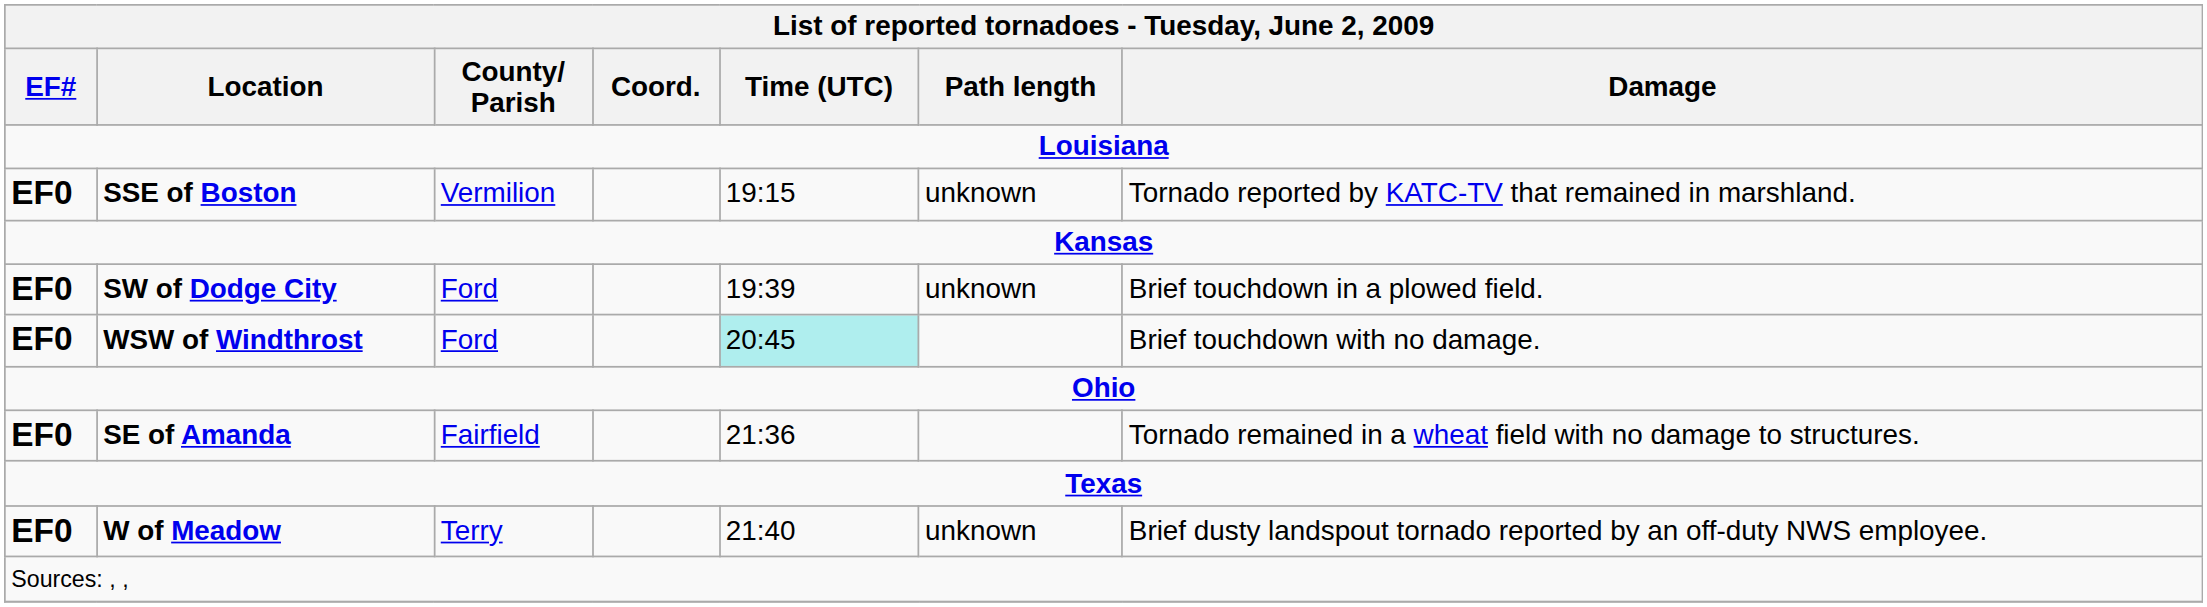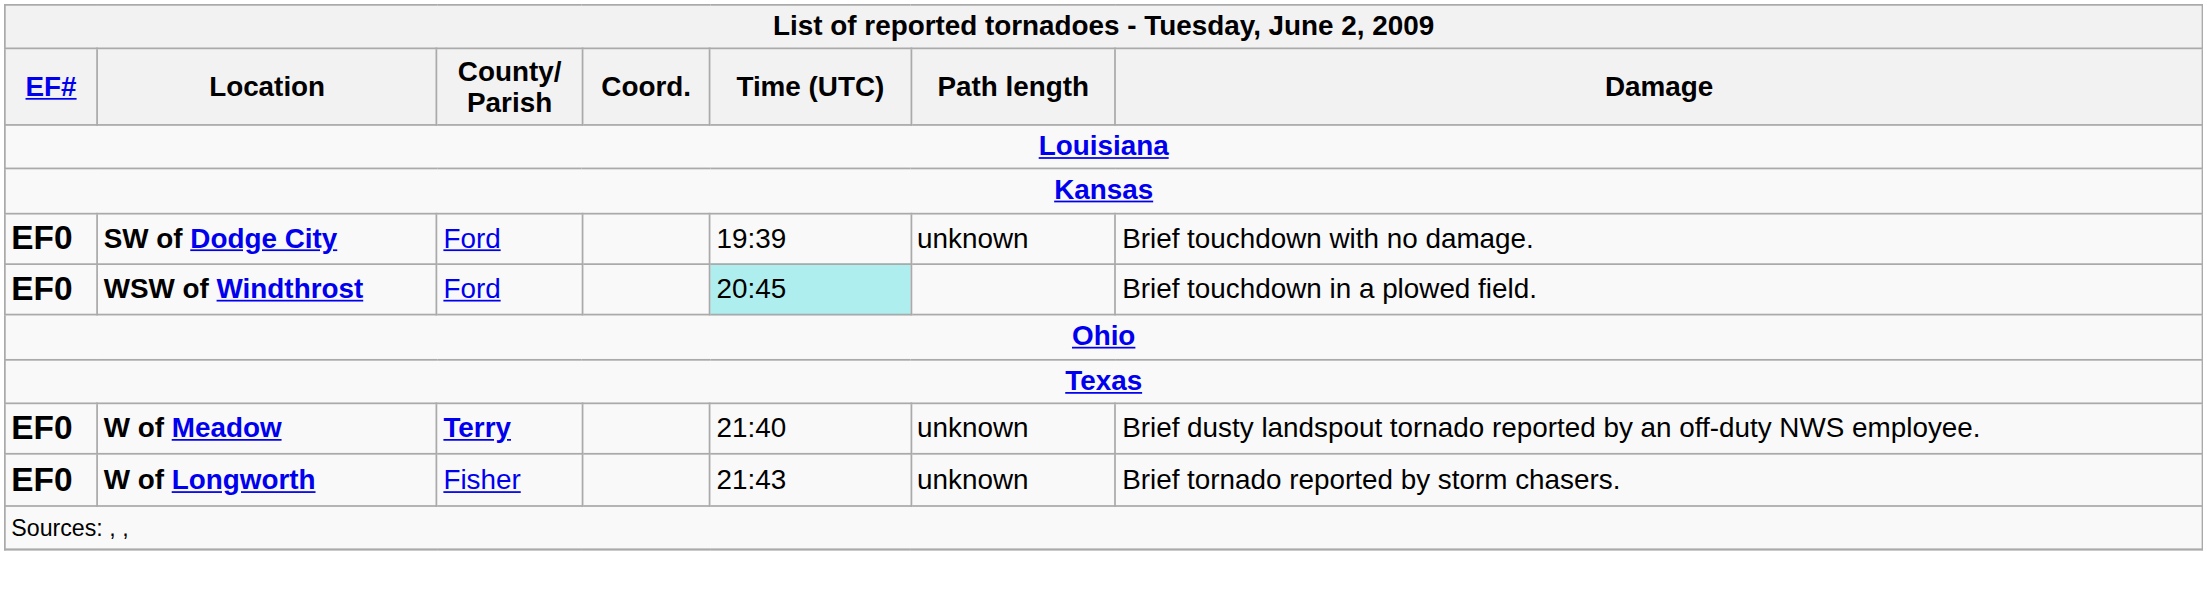 <table class="wikitable collapsible" width="100%">
 <tr>
 <th colspan="7">List of reported tornadoes - Tuesday, June 2, 2009</th>
 </tr>
 <tr>
 <th><a href='#'>EF#</a></th>
 <th>Location</th>
 <th>County/<br>Parish</th>
 <th>Coord.</th>
 <th>Time (UTC)</th>
 <th>Path length</th>
 <th>Damage</th>
 </tr>
 <tr>
 <td colspan="7" align=center><strong><a href='#'>Louisiana</a></strong></td>
 </tr>
 <tr>
-<td><big><strong>EF0</strong></big></td>
-<td><strong>SSE of <a href='#'>Boston</a></strong></td>
-<td><a href='#'>Vermilion</a></td>
-<td></td>
-<td>19:15</td>
-<td>unknown</td>
-<td>Tornado reported by <a href='#'>KATC-TV</a> that remained in marshland.</td>
-</tr>
-<tr>
 <td colspan="7" align=center><strong><a href='#'>Kansas</a></strong></td>
 </tr>
 <tr>
 <td><big><strong>EF0</strong></big></td>
 <td><strong>SW of <a href='#'>Dodge City</a></strong></td>
 <td><a href='#'>Ford</a></td>
 <td></td>
 <td>19:39</td>
 <td>unknown</td>
-<td>Brief touchdown in a plowed field.</td>
+<td>Brief touchdown with no damage.</td>
 </tr>
 <tr>
 <td><big><strong>EF0</strong></big></td>
 <td><strong>WSW of <a href='#'>Windthrost</a></strong></td>
 <td><a href='#'>Ford</a></td>
 <td></td>
 <td style="background: paleturquoise;">20:45</td>
 <td></td>
-<td>Brief touchdown with no damage.</td>
+<td>Brief touchdown in a plowed field.</td>
 </tr>
 <tr>
 <td colspan="7" align=center><strong><a href='#'>Ohio</a></strong></td>
-</tr>
-<tr>
-<td><big><strong>EF0</strong></big></td>
-<td><strong>SE of <a href='#'>Amanda</a></strong></td>
-<td><a href='#'>Fairfield</a></td>
-<td></td>
-<td>21:36</td>
-<td></td>
-<td>Tornado remained in a <a href='#'>wheat</a> field with no damage to structures.</td>
 </tr>
 <tr>
 <td colspan="7" align=center><strong><a href='#'>Texas</a></strong></td>
 </tr>
 <tr>
 <td><big><strong>EF0</strong></big></td>
 <td><strong>W of <a href='#'>Meadow</a></strong></td>
-<td><a href='#'>Terry</a></td>
+<td><strong><a href='#'>Terry</a></strong></td>
 <td></td>
 <td>21:40</td>
 <td>unknown</td>
 <td>Brief dusty landspout tornado reported by an off-duty NWS employee.</td>
+</tr>
+<tr>
+<td><big><strong>EF0</strong></big></td>
+<td><strong>W of <a href='#'>Longworth</a></strong></td>
+<td><a href='#'>Fisher</a></td>
+<td></td>
+<td>21:43</td>
+<td>unknown</td>
+<td>Brief tornado reported by storm chasers.</td>
 </tr>
 <tr>
 <td colspan="7"><small>Sources: ,  , </small></td>
 </tr>
 <tr>
 </tr>
 </table>
